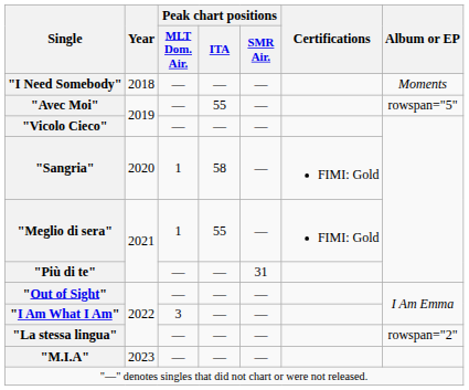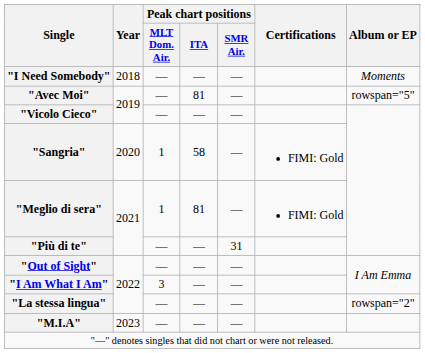 <table class="wikitable plainrowheaders" style="text-align:center;">
 <tr>
 <th scope="col" rowspan="2">Single</th>
 <th scope="col" rowspan="2">Year</th>
 <th scope="col" colspan="3">Peak chart positions</th>
 <th scope="col" rowspan="2">Certifications</th>
 <th scope="col" rowspan="2">Album or EP</th>
 </tr>
 <tr>
 <th scope="col" style="width:3em;font-size:90%;"><a href='#'>MLT<br>Dom.<br>Air.</a><br></th>
 <th scope="col" style="width:3em;font-size:90%;"><a href='#'>ITA</a><br></th>
 <th scope="col" style="width:3em;font-size:90%;"><a href='#'>SMR<br>Air.</a><br></th>
 </tr>
 <tr>
 <th scope="row">"I Need Somebody"</th>
 <td>2018</td>
 <td>—</td>
 <td>—</td>
 <td>—</td>
 <td style="text-align:left;"></td>
 <td><em>Moments</em></td>
 </tr>
 <tr>
 <th scope="row">"Avec Moi"<br></th>
 <td rowspan="2">2019</td>
 <td>—</td>
-<td>55</td>
+<td>81</td>
 <td>—</td>
 <td style="text-align:left;"></td>
 <td>rowspan="5" </td>
 </tr>
 <tr>
 <th scope="row">"Vicolo Cieco"</th>
 <td>—</td>
 <td>—</td>
 <td>—</td>
 <td></td>
 </tr>
 <tr>
 <th scope="row">"Sangria"<br></th>
 <td>2020</td>
 <td>1</td>
 <td>58</td>
 <td>—</td>
 <td style="text-align:left;"><br><ul><li>FIMI: Gold</li></ul></td>
 </tr>
 <tr>
 <th scope="row">"Meglio di sera"<br></th>
 <td rowspan="2">2021</td>
 <td>1</td>
-<td>55</td>
+<td>81</td>
 <td>—</td>
 <td style="text-align:left;"><br><ul><li>FIMI: Gold</li></ul></td>
 </tr>
 <tr>
 <th scope="row">"Più di te"</th>
 <td>—</td>
 <td>—</td>
 <td>31</td>
 <td></td>
 </tr>
 <tr>
 <th scope="row">"<a href='#'>Out of Sight</a>"</th>
 <td rowspan="3">2022</td>
 <td>—</td>
 <td>—</td>
 <td>—</td>
 <td style="text-align:left;"></td>
 <td rowspan="2"><em>I Am Emma</em></td>
 </tr>
 <tr>
 <th scope="row">"<a href='#'>I Am What I Am</a>"</th>
 <td>3</td>
 <td>—</td>
 <td>—</td>
 <td></td>
 </tr>
 <tr>
 <th scope="row">"La stessa lingua"<br></th>
 <td>—</td>
 <td>—</td>
 <td>—</td>
 <td style="text-align:left;"></td>
 <td>rowspan="2" </td>
 </tr>
 <tr>
 <th scope="row">"M.I.A"<br></th>
 <td>2023</td>
 <td>—</td>
 <td>—</td>
 <td>—</td>
 <td></td>
 </tr>
 <tr>
 <td colspan="7" style="font-size:85%;">"—" denotes singles that did not chart or were not released.</td>
 </tr>
 </table>
